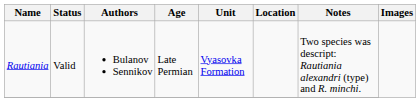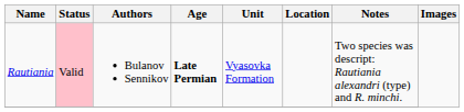 <table class="wikitable sortable" align="center" width="100%">
 <tr>
 <th>Name</th>
 <th>Status</th>
 <th>Authors</th>
 <th>Age</th>
 <th>Unit</th>
 <th>Location</th>
 <th>Notes</th>
 <th>Images</th>
 </tr>
 <tr>
 <td><br><em><a href='#'>Rautiania</a></em></td>
-<td><br>Valid</td>
+<td style="background: pink;"><br>Valid</td>
 <td><br><ul><li>Bulanov</li><li>Sennikov</li></ul></td>
-<td><br>Late Permian</td>
+<td><strong><br>Late Permian</strong></td>
 <td><br><a href='#'>Vyasovka Formation</a></td>
 <td><br></td>
 <td><br>Two species was descript: <em>Rautiania alexandri</em> (type) and <em>R. minchi</em>.</td>
 <td rowspan="47"></td>
 </tr>
 <tr>
 </tr>
 </table>
